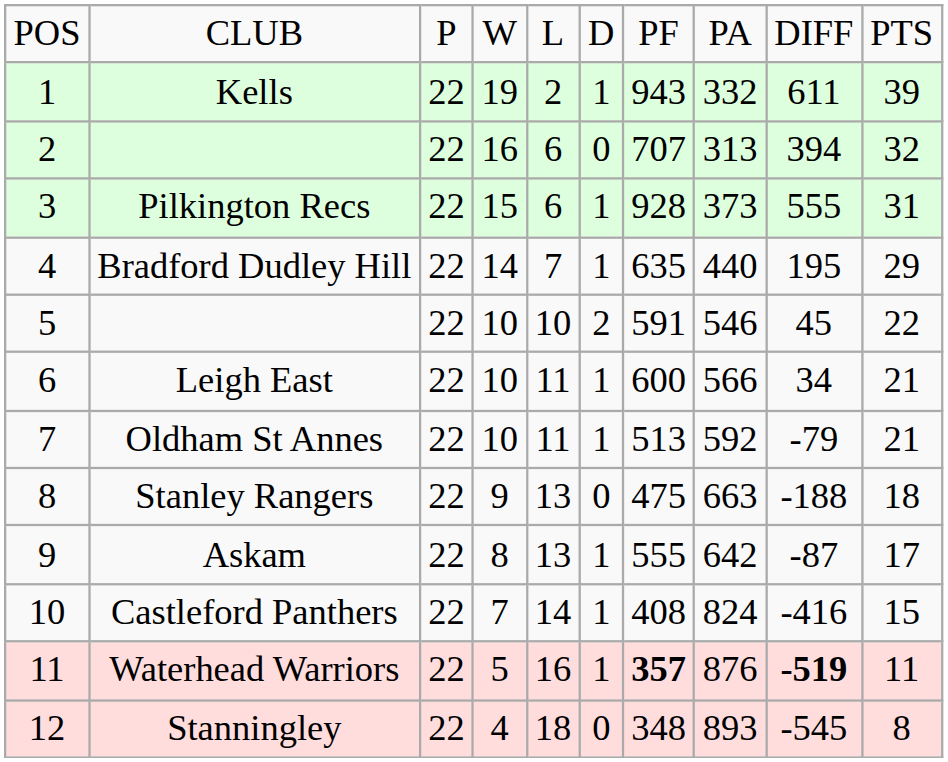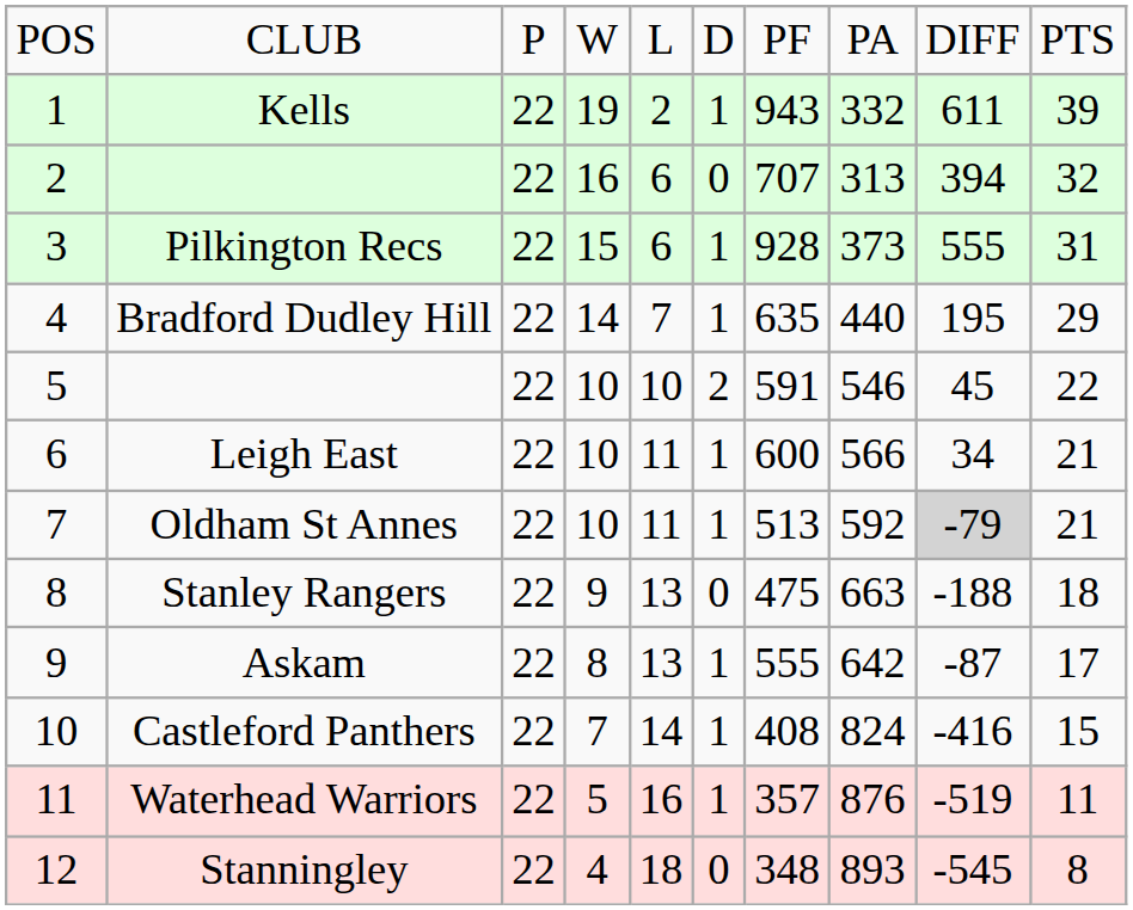 <table class="wikitable" style="text-align: center;">
 <tr>
 <td>POS</td>
 <td>CLUB</td>
 <td>P</td>
 <td>W</td>
 <td>L</td>
 <td>D</td>
 <td>PF</td>
 <td>PA</td>
 <td>DIFF</td>
 <td>PTS</td>
 </tr>
 <tr style="background:#ddffdd;">
 <td>1</td>
 <td>Kells</td>
 <td>22</td>
 <td>19</td>
 <td>2</td>
 <td>1</td>
 <td>943</td>
 <td>332</td>
 <td>611</td>
 <td>39</td>
 </tr>
 <tr style="background:#ddffdd;">
 <td>2</td>
 <td></td>
 <td>22</td>
 <td>16</td>
 <td>6</td>
 <td>0</td>
 <td>707</td>
 <td>313</td>
 <td>394</td>
 <td>32</td>
 </tr>
 <tr style="background:#ddffdd;">
 <td>3</td>
 <td>Pilkington Recs</td>
 <td>22</td>
 <td>15</td>
 <td>6</td>
 <td>1</td>
 <td>928</td>
 <td>373</td>
 <td>555</td>
 <td>31</td>
 </tr>
 <tr>
 <td>4</td>
 <td>Bradford Dudley Hill</td>
 <td>22</td>
 <td>14</td>
 <td>7</td>
 <td>1</td>
 <td>635</td>
 <td>440</td>
 <td>195</td>
 <td>29</td>
 </tr>
 <tr>
 <td>5</td>
 <td></td>
 <td>22</td>
 <td>10</td>
 <td>10</td>
 <td>2</td>
 <td>591</td>
 <td>546</td>
 <td>45</td>
 <td>22</td>
 </tr>
 <tr>
 <td>6</td>
 <td>Leigh East</td>
 <td>22</td>
 <td>10</td>
 <td>11</td>
 <td>1</td>
 <td>600</td>
 <td>566</td>
 <td>34</td>
 <td>21</td>
 </tr>
 <tr>
 <td>7</td>
 <td>Oldham St Annes</td>
 <td>22</td>
 <td>10</td>
 <td>11</td>
 <td>1</td>
 <td>513</td>
 <td>592</td>
-<td>-79</td>
+<td style="background: lightgrey;">-79</td>
 <td>21</td>
 </tr>
 <tr>
 <td>8</td>
 <td>Stanley Rangers</td>
 <td>22</td>
 <td>9</td>
 <td>13</td>
 <td>0</td>
 <td>475</td>
 <td>663</td>
 <td>-188</td>
 <td>18</td>
 </tr>
 <tr>
 <td>9</td>
 <td>Askam</td>
 <td>22</td>
 <td>8</td>
 <td>13</td>
 <td>1</td>
 <td>555</td>
 <td>642</td>
 <td>-87</td>
 <td>17</td>
 </tr>
 <tr>
 <td>10</td>
 <td>Castleford Panthers</td>
 <td>22</td>
 <td>7</td>
 <td>14</td>
 <td>1</td>
 <td>408</td>
 <td>824</td>
 <td>-416</td>
 <td>15</td>
 </tr>
 <tr style="background:#ffdddd;">
 <td>11</td>
 <td>Waterhead Warriors</td>
 <td>22</td>
 <td>5</td>
 <td>16</td>
 <td>1</td>
-<td><strong>357</strong></td>
+<td>357</td>
 <td>876</td>
-<td><strong>-519</strong></td>
+<td>-519</td>
 <td>11</td>
 </tr>
 <tr style="background:#ffdddd;">
 <td>12</td>
 <td>Stanningley</td>
 <td>22</td>
 <td>4</td>
 <td>18</td>
 <td>0</td>
 <td>348</td>
 <td>893</td>
 <td>-545</td>
 <td>8</td>
 </tr>
 </table>
